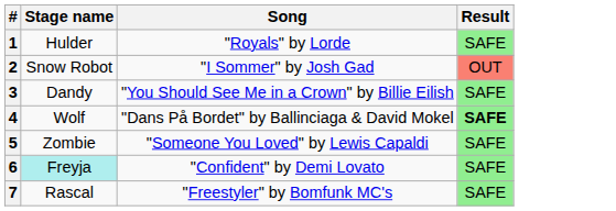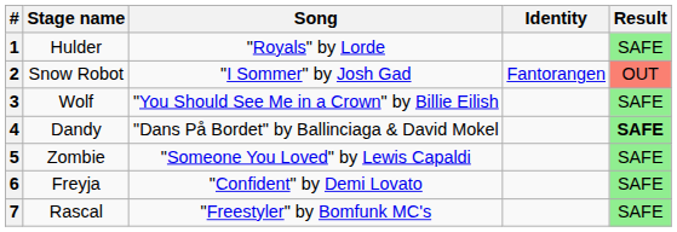 <table class="wikitable plainrowheaders" style="text-align: center;">
 <tr>
 <th>#</th>
 <th>Stage name</th>
 <th>Song</th>
+<th>Identity</th>
 <th>Result</th>
 </tr>
 <tr>
 <th>1</th>
 <td>Hulder</td>
 <td>"<a href='#'>Royals</a>" by <a href='#'>Lorde</a></td>
+<td></td>
 <td bgcolor="lightgreen">SAFE</td>
 </tr>
 <tr>
 <th>2</th>
 <td>Snow Robot</td>
 <td>"<a href='#'>I Sommer</a>" by <a href='#'>Josh Gad</a></td>
+<td><a href='#'>Fantorangen</a></td>
 <td bgcolor=salmon>OUT</td>
 </tr>
 <tr>
 <th>3</th>
-<td>Dandy</td>
+<td>Wolf</td>
 <td>"<a href='#'>You Should See Me in a Crown</a>" by <a href='#'>Billie Eilish</a></td>
+<td></td>
 <td bgcolor="lightgreen">SAFE</td>
 </tr>
 <tr>
 <th>4</th>
-<td>Wolf</td>
+<td>Dandy</td>
 <td>"Dans På Bordet" by Ballinciaga & David Mokel</td>
+<td></td>
 <td bgcolor="lightgreen"><strong>SAFE</strong></td>
 </tr>
 <tr>
 <th>5</th>
 <td>Zombie</td>
 <td>"<a href='#'>Someone You Loved</a>" by <a href='#'>Lewis Capaldi</a></td>
+<td></td>
 <td bgcolor="lightgreen">SAFE</td>
 </tr>
 <tr>
 <th>6</th>
-<td style="background: paleturquoise;">Freyja</td>
+<td>Freyja</td>
 <td>"<a href='#'>Confident</a>" by <a href='#'>Demi Lovato</a></td>
+<td></td>
 <td bgcolor="lightgreen">SAFE</td>
 </tr>
 <tr>
 <th>7</th>
 <td>Rascal</td>
 <td>"<a href='#'>Freestyler</a>" by <a href='#'>Bomfunk MC's</a></td>
+<td></td>
 <td bgcolor="lightgreen">SAFE</td>
 </tr>
 </table>
